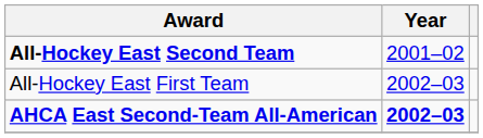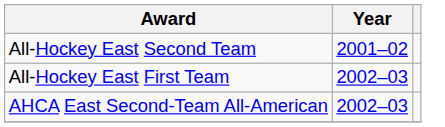 <table class="wikitable">
 <tr>
 <th>Award</th>
 <th>Year</th>
 <th></th>
 </tr>
 <tr>
-<td><strong>All-<a href='#'>Hockey East</a> <a href='#'>Second Team</a></strong></td>
+<td>All-<a href='#'>Hockey East</a> <a href='#'>Second Team</a></td>
 <td><a href='#'>2001–02</a></td>
 <td></td>
 </tr>
 <tr>
 <td>All-<a href='#'>Hockey East</a> <a href='#'>First Team</a></td>
 <td><a href='#'>2002–03</a></td>
 <td></td>
 </tr>
 <tr>
-<td><strong><a href='#'>AHCA</a> <a href='#'>East Second-Team All-American</a></strong></td>
-<td><strong><a href='#'>2002–03</a></strong></td>
+<td><a href='#'>AHCA</a> <a href='#'>East Second-Team All-American</a></td>
+<td><a href='#'>2002–03</a></td>
 <td></td>
 </tr>
 <tr>
 </tr>
 </table>
